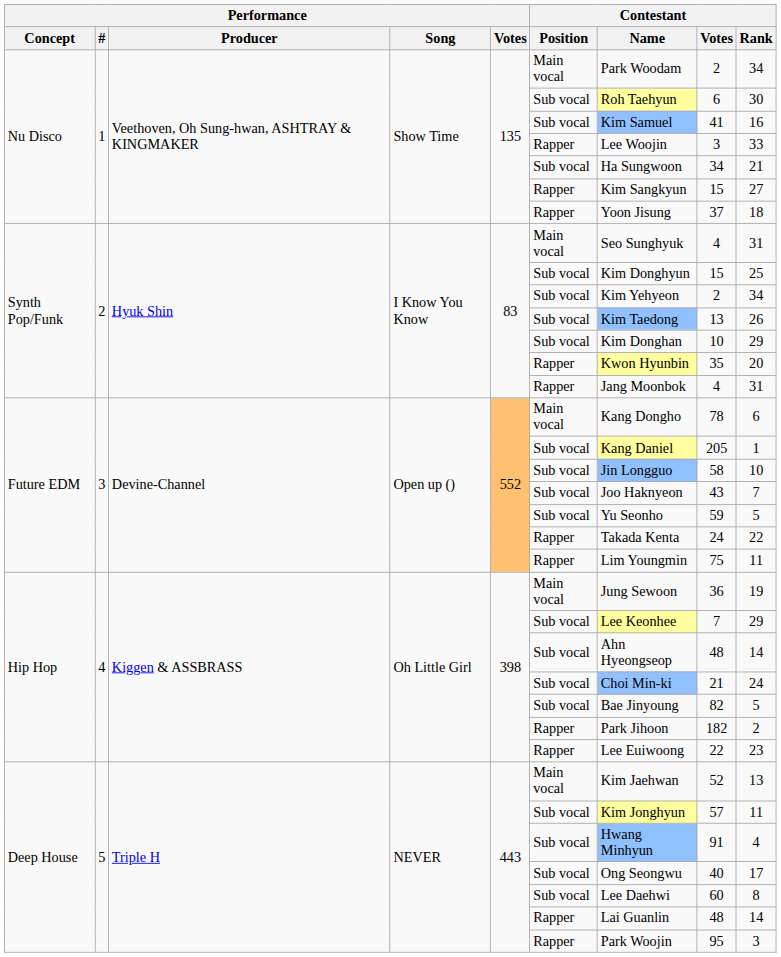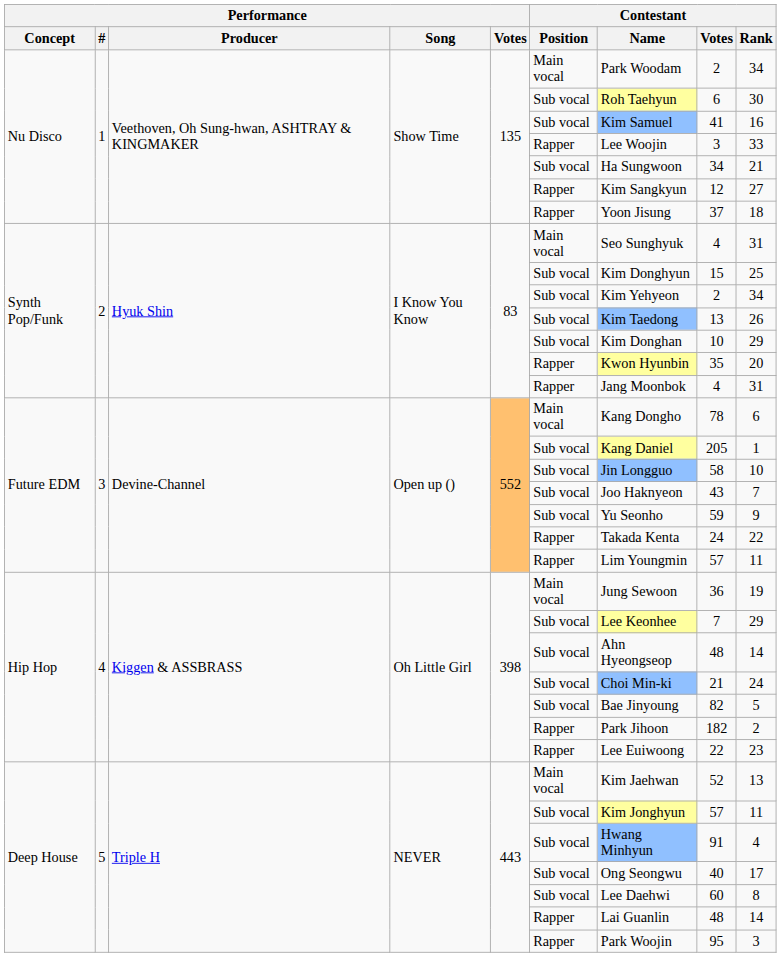 <table class="wikitable sortable" style="text-align:center;">
 <tr>
 <th colspan=5>Performance</th>
 <th colspan=4>Contestant</th>
 </tr>
 <tr>
 <th>Concept</th>
 <th>#</th>
 <th class=unsortable>Producer</th>
 <th class=unsortable>Song</th>
 <th>Votes</th>
 <th>Position</th>
 <th>Name</th>
 <th>Votes</th>
 <th>Rank</th>
 </tr>
 <tr>
 <td rowspan=7 align=left>Nu Disco</td>
 <td rowspan=7>1</td>
 <td rowspan=7 align=left>Veethoven, Oh Sung-hwan, ASHTRAY & KINGMAKER</td>
 <td rowspan=7 align=left>Show Time</td>
 <td rowspan=7>135</td>
 <td align=left>Main vocal</td>
 <td align=left>Park Woodam</td>
 <td>2</td>
 <td>34</td>
 </tr>
 <tr>
 <td align=left>Sub vocal</td>
 <td align=left style=background:#FFFF9F;>Roh Taehyun</td>
 <td>6</td>
 <td>30</td>
 </tr>
 <tr>
 <td align=left>Sub vocal</td>
 <td align=left style=background:#90C0FF;>Kim Samuel</td>
 <td>41</td>
 <td>16</td>
 </tr>
 <tr>
 <td align=left>Rapper</td>
 <td align=left>Lee Woojin</td>
 <td>3</td>
 <td>33</td>
 </tr>
 <tr>
 <td align=left>Sub vocal</td>
 <td align=left>Ha Sungwoon</td>
 <td>34</td>
 <td>21</td>
 </tr>
 <tr>
 <td align=left>Rapper</td>
 <td align=left>Kim Sangkyun</td>
-<td>15</td>
+<td>12</td>
 <td>27</td>
 </tr>
 <tr>
 <td align=left>Rapper</td>
 <td align=left>Yoon Jisung</td>
 <td>37</td>
 <td>18</td>
 </tr>
 <tr>
 <td rowspan=7 align=left>Synth Pop/Funk</td>
 <td rowspan=7>2</td>
 <td rowspan=7 align=left><a href='#'>Hyuk Shin</a></td>
 <td rowspan=7 align=left>I Know You Know</td>
 <td rowspan=7>83</td>
 <td align=left>Main vocal</td>
 <td align=left>Seo Sunghyuk</td>
 <td>4</td>
 <td>31</td>
 </tr>
 <tr>
 <td align=left>Sub vocal</td>
 <td align=left>Kim Donghyun</td>
 <td>15</td>
 <td>25</td>
 </tr>
 <tr>
 <td align=left>Sub vocal</td>
 <td align=left>Kim Yehyeon</td>
 <td>2</td>
 <td>34</td>
 </tr>
 <tr>
 <td align=left>Sub vocal</td>
 <td align=left style=background:#90C0FF;>Kim Taedong</td>
 <td>13</td>
 <td>26</td>
 </tr>
 <tr>
 <td align=left>Sub vocal</td>
 <td align=left>Kim Donghan</td>
 <td>10</td>
 <td>29</td>
 </tr>
 <tr>
 <td align=left>Rapper</td>
 <td align=left style=background:#FFFF9F;>Kwon Hyunbin</td>
 <td>35</td>
 <td>20</td>
 </tr>
 <tr>
 <td align=left>Rapper</td>
 <td align=left>Jang Moonbok</td>
 <td>4</td>
 <td>31</td>
 </tr>
 <tr>
 <td rowspan=7 align=left>Future EDM</td>
 <td rowspan=7>3</td>
 <td rowspan=7 align=left>Devine-Channel</td>
 <td rowspan=7 align=left>Open up ()</td>
 <td rowspan=7 style=background:#FFC06F;>552</td>
 <td align=left>Main vocal</td>
 <td align=left>Kang Dongho</td>
 <td>78</td>
 <td>6</td>
 </tr>
 <tr>
 <td align=left>Sub vocal</td>
 <td align=left style=background:#FFFF9F;>Kang Daniel</td>
 <td>205</td>
 <td>1</td>
 </tr>
 <tr>
 <td align=left>Sub vocal</td>
 <td align=left style=background:#90C0FF;>Jin Longguo</td>
 <td>58</td>
 <td>10</td>
 </tr>
 <tr>
 <td align=left>Sub vocal</td>
 <td align=left>Joo Haknyeon</td>
 <td>43</td>
 <td>7</td>
 </tr>
 <tr>
 <td align=left>Sub vocal</td>
 <td align=left>Yu Seonho</td>
 <td>59</td>
-<td>5</td>
+<td>9</td>
 </tr>
 <tr>
 <td align=left>Rapper</td>
 <td align=left>Takada Kenta</td>
 <td>24</td>
 <td>22</td>
 </tr>
 <tr>
 <td align=left>Rapper</td>
 <td align=left>Lim Youngmin</td>
-<td>75</td>
+<td>57</td>
 <td>11</td>
 </tr>
 <tr>
 <td rowspan=7 align=left>Hip Hop</td>
 <td rowspan=7>4</td>
 <td rowspan=7 align=left><a href='#'>Kiggen</a> & ASSBRASS</td>
 <td rowspan=7 align=left>Oh Little Girl</td>
 <td rowspan=7>398</td>
 <td align=left>Main vocal</td>
 <td align=left>Jung Sewoon</td>
 <td>36</td>
 <td>19</td>
 </tr>
 <tr>
 <td align=left>Sub vocal</td>
 <td align=left style=background:#FFFF9F;>Lee Keonhee</td>
 <td>7</td>
 <td>29</td>
 </tr>
 <tr>
 <td align=left>Sub vocal</td>
 <td align=left>Ahn Hyeongseop</td>
 <td>48</td>
 <td>14</td>
 </tr>
 <tr>
 <td align=left>Sub vocal</td>
 <td align=left style=background:#90C0FF;>Choi Min-ki</td>
 <td>21</td>
 <td>24</td>
 </tr>
 <tr>
 <td align=left>Sub vocal</td>
 <td align=left>Bae Jinyoung</td>
 <td>82</td>
 <td>5</td>
 </tr>
 <tr>
 <td align=left>Rapper</td>
 <td align=left>Park Jihoon</td>
 <td>182</td>
 <td>2</td>
 </tr>
 <tr>
 <td align=left>Rapper</td>
 <td align=left>Lee Euiwoong</td>
 <td>22</td>
 <td>23</td>
 </tr>
 <tr>
 <td rowspan=7 align=left>Deep House</td>
 <td rowspan=7>5</td>
 <td rowspan=7 align=left><a href='#'>Triple H</a></td>
 <td rowspan=7 align=left>NEVER</td>
 <td rowspan=7>443</td>
 <td align=left>Main vocal</td>
 <td align=left>Kim Jaehwan</td>
 <td>52</td>
 <td>13</td>
 </tr>
 <tr>
 <td align=left>Sub vocal</td>
 <td align=left style=background:#FFFF9F;>Kim Jonghyun</td>
 <td>57</td>
 <td>11</td>
 </tr>
 <tr>
 <td align=left>Sub vocal</td>
 <td align=left style=background:#90C0FF;>Hwang Minhyun</td>
 <td>91</td>
 <td>4</td>
 </tr>
 <tr>
 <td align=left>Sub vocal</td>
 <td align=left>Ong Seongwu</td>
 <td>40</td>
 <td>17</td>
 </tr>
 <tr>
 <td align=left>Sub vocal</td>
 <td align=left>Lee Daehwi</td>
 <td>60</td>
 <td>8</td>
 </tr>
 <tr>
 <td align=left>Rapper</td>
 <td align=left>Lai Guanlin</td>
 <td>48</td>
 <td>14</td>
 </tr>
 <tr>
 <td align=left>Rapper</td>
 <td align=left>Park Woojin</td>
 <td>95</td>
 <td>3</td>
 </tr>
 </table>
